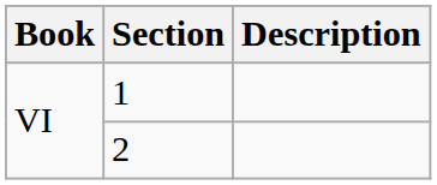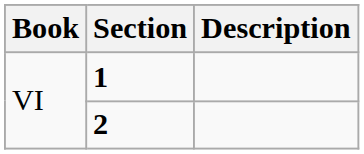 <table class="wikitable" style="max-width:45em;">
 <tr>
 <th>Book</th>
 <th>Section</th>
 <th>Description</th>
 </tr>
 <tr>
 <td rowspan="5">VI</td>
-<td>1</td>
+<td><strong>1</strong></td>
 <td></td>
 </tr>
 <tr>
-<td>2</td>
+<td><strong>2</strong></td>
 <td></td>
 </tr>
 </table>
